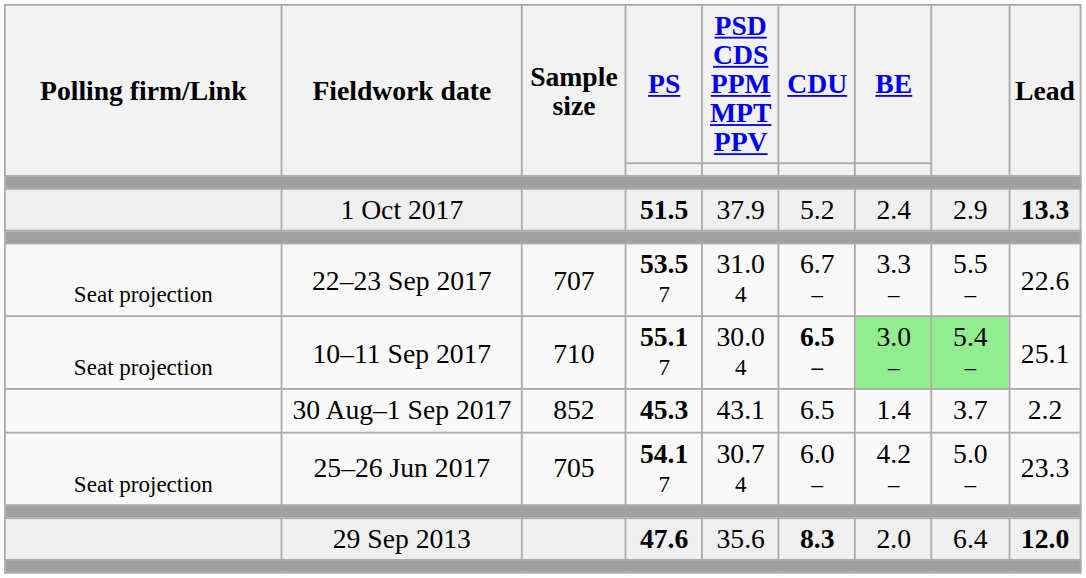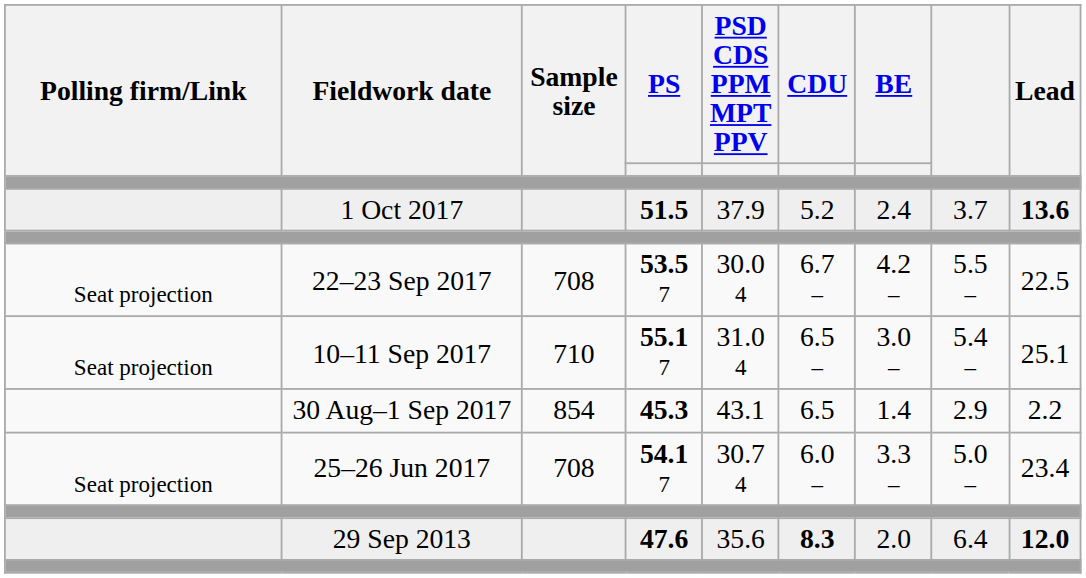 <table class="wikitable collapsible sortable" style="text-align:center; font-size:95%; line-height:16px;">
 <tr style="height:42px;">
 <th style="width:145px;" rowspan="2">Polling firm/Link</th>
 <th style="width:125px;" rowspan="2">Fieldwork date</th>
 <th class="unsortable" style="width:50px;" rowspan="2">Sample size</th>
 <th class="unsortable" style="width:35px;"><a href='#'>PS</a></th>
 <th class="unsortable" style="width:35px;"><a href='#'>PSD</a><br><a href='#'>CDS</a><br><a href='#'>PPM</a><br><a href='#'>MPT</a><br><a href='#'>PPV</a></th>
 <th class="unsortable" style="width:35px;"><a href='#'>CDU</a></th>
 <th class="unsortable" style="width:35px;"><a href='#'>BE</a></th>
 <th class="unsortable" style="width:35px;" rowspan="2"></th>
 <th class="unsortable" style="width:30px;" rowspan="2">Lead</th>
 </tr>
 <tr>
 <th class="unsortable" style="color:inherit;background:"></th>
 <th class="unsortable" style="color:inherit;background:"></th>
 <th class="unsortable" style="color:inherit;background:"></th>
 <th class="unsortable" style="color:inherit;background:"></th>
 </tr>
 <tr>
 <td colspan="11" style="background:#A0A0A0"></td>
 </tr>
 <tr style="background:#EFEFEF;">
 <td><strong></strong></td>
 <td data-sort-value="2019-10-06">1 Oct 2017</td>
 <td></td>
 <td><strong>51.5</strong><br></td>
 <td>37.9<br></td>
 <td>5.2<br></td>
 <td>2.4<br></td>
-<td>2.9</td>
-<td style="background:"><strong>13.3</strong></td>
+<td align="center">3.7</td>
+<td style="background:"><strong>13.6</strong></td>
 </tr>
 <tr>
 <td colspan="11" style="background:#A0A0A0"></td>
 </tr>
 <tr>
 <td align="center"><br><small>Seat projection</small></td>
 <td align="center">22–23 Sep 2017</td>
-<td>707</td>
+<td>708</td>
 <td align="center" ><strong>53.5</strong><br><small>7</small></td>
-<td align="center">31.0<br><small>4</small></td>
+<td align="center">30.0<br><small>4</small></td>
 <td align="center">6.7<br><small>–</small></td>
-<td align="center">3.3<br><small>–</small></td>
+<td align="center">4.2<br><small>–</small></td>
 <td align="center">5.5<br><small>–</small></td>
-<td style="background:">22.6</td>
+<td style="background:">22.5</td>
 </tr>
 <tr>
 <td align="center"><br><small>Seat projection</small></td>
 <td align="center">10–11 Sep 2017</td>
 <td>710</td>
 <td align="center" ><strong>55.1</strong><br><small>7</small></td>
-<td align="center">30.0<br><small>4</small></td>
-<td align="center"><strong>6.5<br><small>–</small></strong></td>
-<td align="center" style="background: lightgreen;">3.0<br><small>–</small></td>
-<td align="center" style="background: lightgreen;">5.4<br><small>–</small></td>
+<td align="center">31.0<br><small>4</small></td>
+<td align="center">6.5<br><small>–</small></td>
+<td align="center">3.0<br><small>–</small></td>
+<td align="center">5.4<br><small>–</small></td>
 <td style="background:">25.1</td>
 </tr>
 <tr>
 <td align="center"></td>
 <td align="center">30 Aug–1 Sep 2017</td>
-<td>852</td>
+<td>854</td>
 <td align="center" ><strong>45.3</strong></td>
 <td align="center">43.1</td>
 <td align="center">6.5</td>
 <td align="center">1.4</td>
-<td align="center">3.7</td>
+<td>2.9</td>
 <td style="background:">2.2</td>
 </tr>
 <tr>
 <td align="center"><br><small>Seat projection</small></td>
 <td align="center">25–26 Jun 2017</td>
-<td>705</td>
+<td>708</td>
 <td align="center" ><strong>54.1</strong><br><small>7</small></td>
 <td align="center">30.7<br><small>4</small></td>
 <td align="center">6.0<br><small>–</small></td>
-<td align="center">4.2<br><small>–</small></td>
+<td align="center">3.3<br><small>–</small></td>
 <td align="center">5.0<br><small>–</small></td>
-<td style="background:">23.3</td>
+<td style="background:">23.4</td>
 </tr>
 <tr>
 <td colspan="11" style="background:#A0A0A0"></td>
 </tr>
 <tr style="background:#EFEFEF;">
 <td><strong></strong></td>
 <td data-sort-value="2019-10-06">29 Sep 2013</td>
 <td></td>
 <td><strong>47.6</strong><br></td>
 <td>35.6<br></td>
 <td><strong>8.3<br></strong></td>
 <td>2.0<br></td>
 <td>6.4<br></td>
 <td style="background:"><strong>12.0</strong></td>
 </tr>
 <tr>
 <td colspan="11" style="background:#A0A0A0"></td>
 </tr>
 </table>
